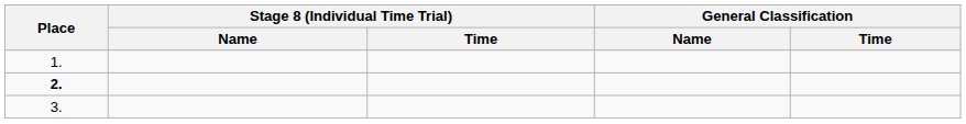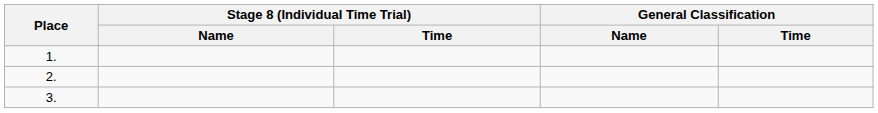 <table class=wikitable style="font-size:95%" width="80%">
 <tr>
 <th rowspan="2">Place</th>
 <th colspan="2">Stage 8 (Individual Time Trial)</th>
 <th colspan="2">General Classification</th>
 </tr>
 <tr>
 <th>Name</th>
 <th>Time</th>
 <th>Name</th>
 <th>Time</th>
 </tr>
 <tr>
 <td align="center">1.</td>
 <td></td>
 <td></td>
 <td></td>
 <td></td>
 </tr>
 <tr>
-<td align="center"><strong>2.</strong></td>
+<td align="center">2.</td>
 <td></td>
 <td></td>
 <td></td>
 <td></td>
 </tr>
 <tr>
 <td align="center">3.</td>
 <td></td>
 <td></td>
 <td></td>
 <td></td>
 </tr>
 </table>
